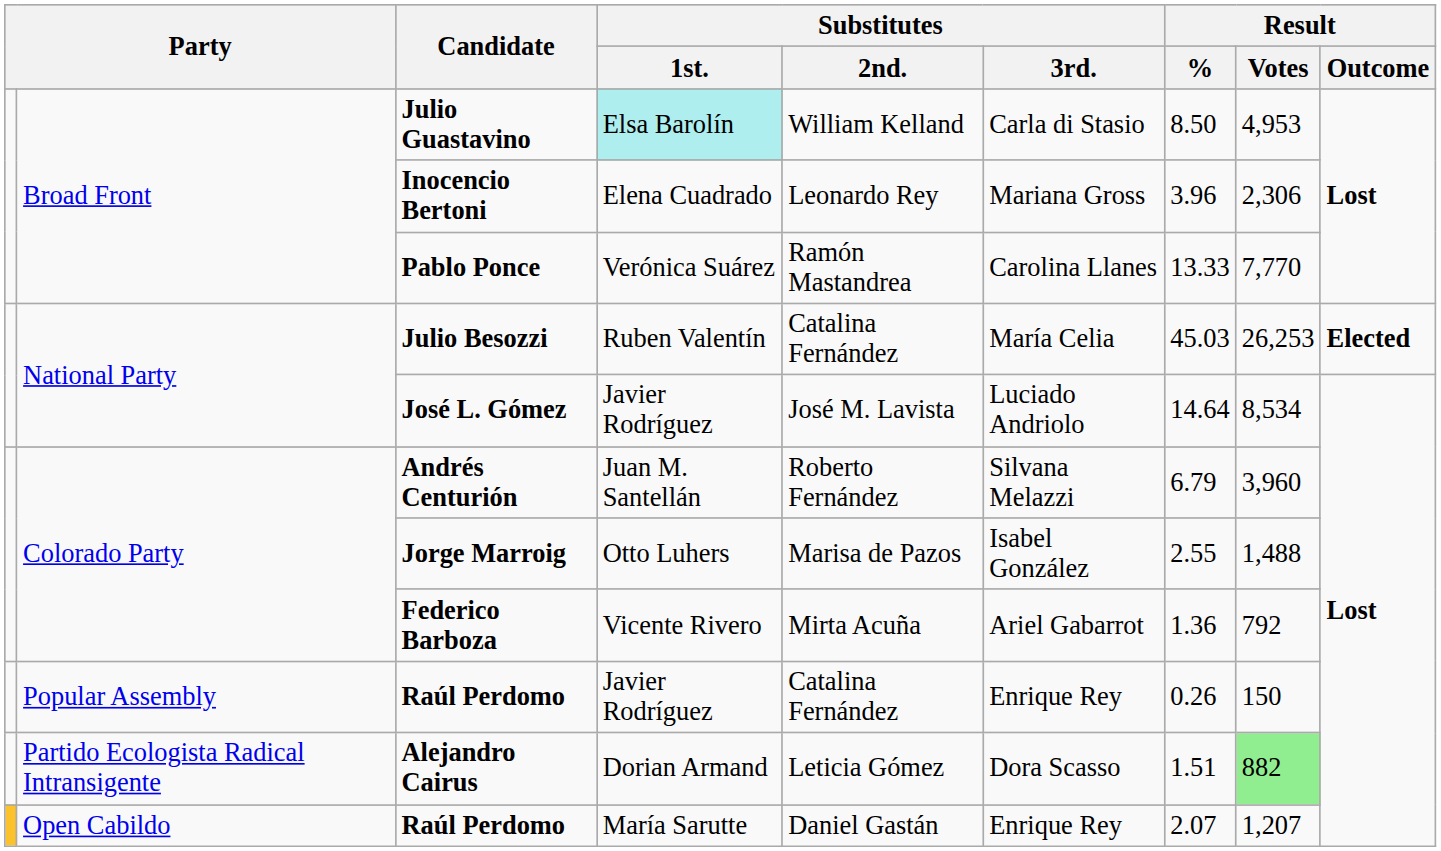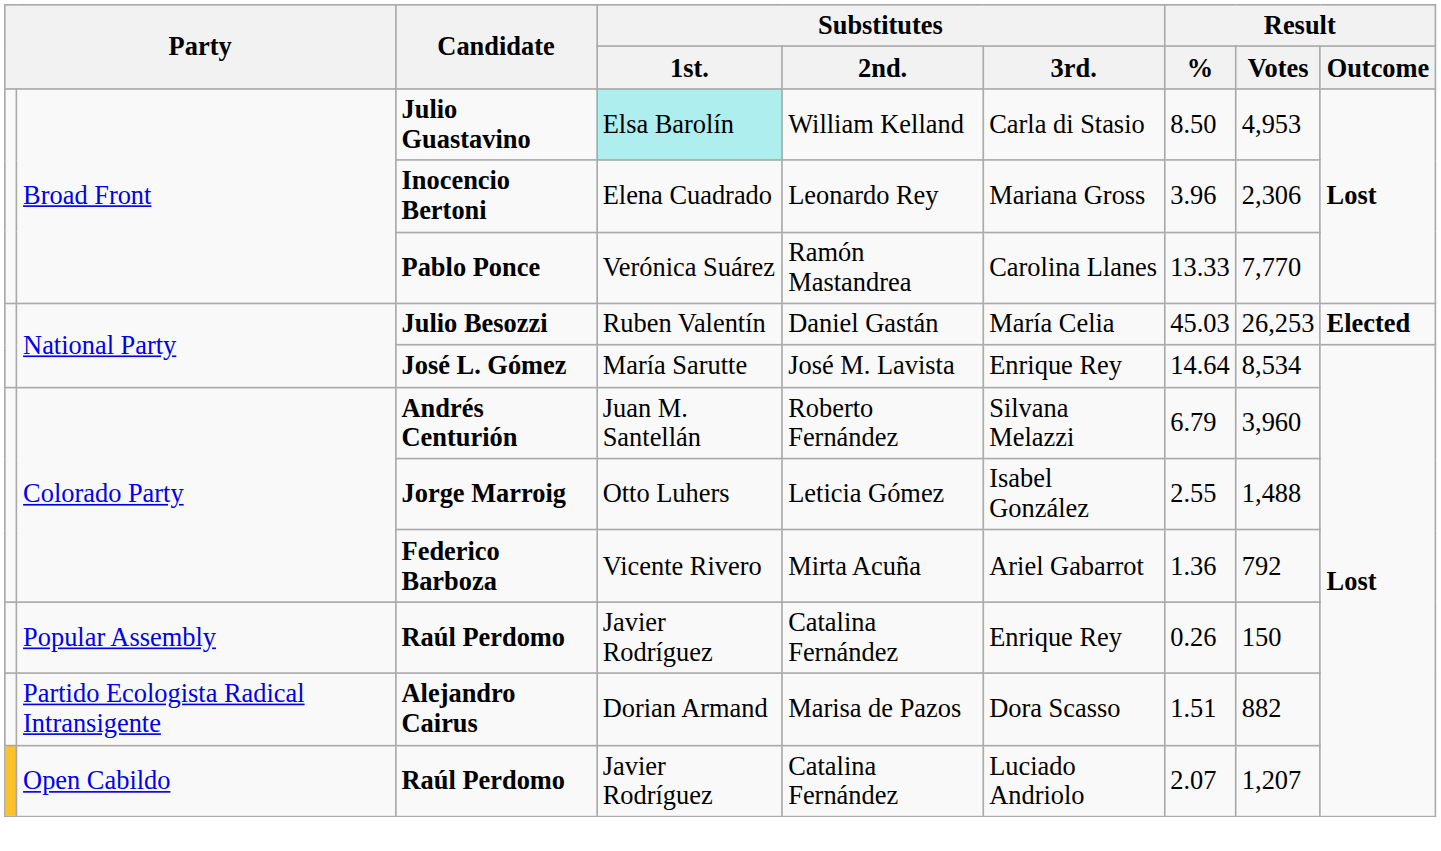 <table class="wikitable">
 <tr>
 <th colspan="2" rowspan="2">Party</th>
 <th rowspan="2">Candidate</th>
 <th colspan="3">Substitutes</th>
 <th colspan="3">Result</th>
 </tr>
 <tr>
 <th>1st.</th>
 <th>2nd.</th>
 <th>3rd.</th>
 <th>%</th>
 <th>Votes</th>
 <th>Outcome</th>
 </tr>
 <tr>
 <td rowspan="3" style="background:"></td>
 <td rowspan="3"><a href='#'>Broad Front</a></td>
 <td><strong>Julio Guastavino</strong></td>
 <td style="background: paleturquoise;">Elsa Barolín</td>
 <td>William Kelland</td>
 <td>Carla di Stasio</td>
 <td>8.50</td>
 <td>4,953</td>
 <td rowspan="3"><strong>Lost</strong> </td>
 </tr>
 <tr>
 <td><strong>Inocencio Bertoni</strong></td>
 <td>Elena Cuadrado</td>
 <td>Leonardo Rey</td>
 <td>Mariana Gross</td>
 <td>3.96</td>
 <td>2,306</td>
 </tr>
 <tr>
 <td><strong>Pablo Ponce</strong></td>
 <td>Verónica Suárez</td>
 <td>Ramón Mastandrea</td>
 <td>Carolina Llanes</td>
 <td>13.33</td>
 <td>7,770</td>
 </tr>
 <tr>
 <td rowspan="2" style="background:"></td>
 <td rowspan="2"><a href='#'>National Party</a></td>
 <td><strong>Julio Besozzi</strong></td>
 <td>Ruben Valentín</td>
-<td>Catalina Fernández</td>
+<td>Daniel Gastán</td>
 <td>María Celia</td>
 <td>45.03</td>
 <td>26,253</td>
 <td><strong>Elected</strong> </td>
 </tr>
 <tr>
 <td><strong>José L. Gómez</strong></td>
-<td>Javier Rodríguez</td>
+<td>María Sarutte</td>
 <td>José M. Lavista</td>
-<td>Luciado Andriolo</td>
+<td>Enrique Rey</td>
 <td>14.64</td>
 <td>8,534</td>
 <td rowspan="7"><strong>Lost</strong> </td>
 </tr>
 <tr>
 <td rowspan="3" style="background:"></td>
 <td rowspan="3"><a href='#'>Colorado Party</a></td>
 <td><strong>Andrés Centurión</strong></td>
 <td>Juan M. Santellán</td>
 <td>Roberto Fernández</td>
 <td>Silvana Melazzi</td>
 <td>6.79</td>
 <td>3,960</td>
 </tr>
 <tr>
 <td><strong>Jorge Marroig</strong></td>
 <td>Otto Luhers</td>
-<td>Marisa de Pazos</td>
+<td>Leticia Gómez</td>
 <td>Isabel González</td>
 <td>2.55</td>
 <td>1,488</td>
 </tr>
 <tr>
 <td><strong>Federico Barboza</strong></td>
 <td>Vicente Rivero</td>
 <td>Mirta Acuña</td>
 <td>Ariel Gabarrot</td>
 <td>1.36</td>
 <td>792</td>
 </tr>
 <tr>
 <td style="background:"></td>
 <td><a href='#'>Popular Assembly</a></td>
 <td><strong>Raúl Perdomo</strong></td>
 <td>Javier Rodríguez</td>
 <td>Catalina Fernández</td>
 <td>Enrique Rey</td>
 <td>0.26</td>
 <td>150</td>
 </tr>
 <tr>
 <td style="background:"></td>
 <td><a href='#'>Partido Ecologista Radical Intransigente</a></td>
 <td><strong>Alejandro Cairus</strong></td>
 <td>Dorian Armand</td>
-<td>Leticia Gómez</td>
+<td>Marisa de Pazos</td>
 <td>Dora Scasso</td>
 <td>1.51</td>
-<td style="background: lightgreen;">882</td>
+<td>882</td>
 </tr>
 <tr>
 <td style="background:#FBC22B"></td>
 <td><a href='#'>Open Cabildo</a></td>
 <td><strong>Raúl Perdomo</strong></td>
-<td>María Sarutte</td>
-<td>Daniel Gastán</td>
-<td>Enrique Rey</td>
+<td>Javier Rodríguez</td>
+<td>Catalina Fernández</td>
+<td>Luciado Andriolo</td>
 <td>2.07</td>
 <td>1,207</td>
 </tr>
 </table>
